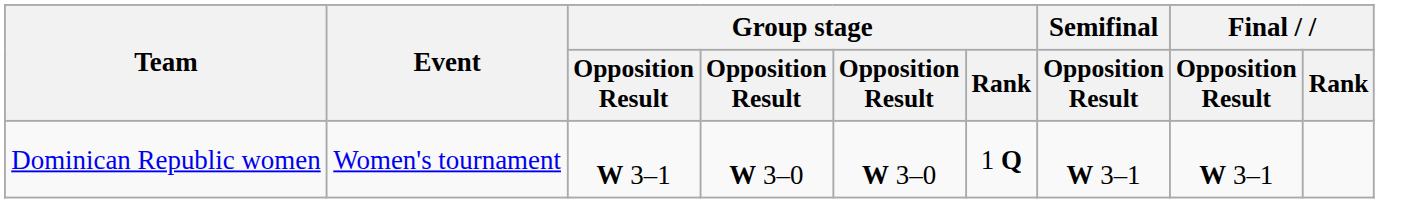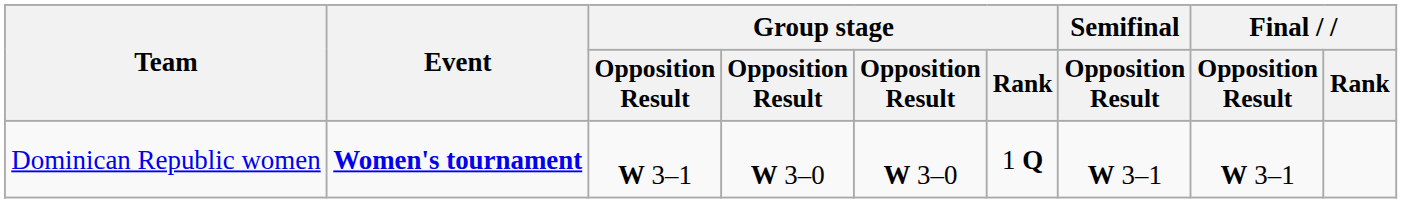 <table class=wikitable style=font-size:90%;text-align:center>
 <tr>
 <th rowspan=2>Team</th>
 <th rowspan=2>Event</th>
 <th colspan=4>Group stage</th>
 <th>Semifinal</th>
 <th colspan=2>Final /  / </th>
 </tr>
 <tr style=font-size:95%>
 <th>Opposition<br>Result</th>
 <th>Opposition<br>Result</th>
 <th>Opposition<br>Result</th>
 <th>Rank</th>
 <th>Opposition<br>Result</th>
 <th>Opposition<br>Result</th>
 <th>Rank</th>
 </tr>
 <tr>
 <td align=left><a href='#'>Dominican Republic women</a></td>
-<td align=left><a href='#'>Women's tournament</a></td>
+<td align=left><strong><a href='#'>Women's tournament</a></strong></td>
 <td><br><strong>W</strong> 3–1</td>
 <td><br><strong>W</strong> 3–0</td>
 <td><br><strong>W</strong> 3–0</td>
 <td>1 <strong>Q</strong></td>
 <td><br><strong>W</strong> 3–1</td>
 <td><br><strong>W</strong> 3–1</td>
 <td></td>
 </tr>
 </table>
